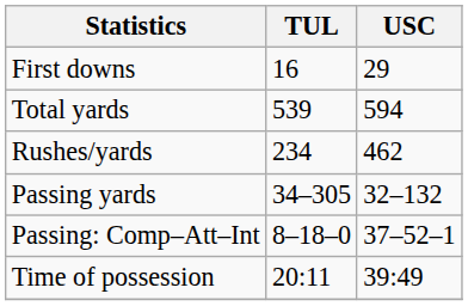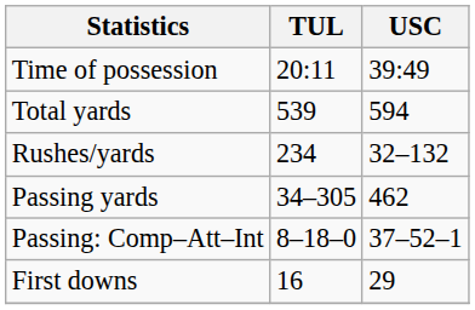 <table class="wikitable" style="float: left;">
 <tr>
 <th>Statistics</th>
 <th>TUL</th>
 <th>USC</th>
 </tr>
 <tr>
-<td>First downs</td>
-<td>16</td>
-<td>29</td>
+<td>Time of possession</td>
+<td>20:11</td>
+<td>39:49</td>
 </tr>
 <tr>
 <td>Total yards</td>
 <td>539</td>
 <td>594</td>
 </tr>
 <tr>
 <td>Rushes/yards</td>
 <td>234</td>
-<td>462</td>
+<td>32–132</td>
 </tr>
 <tr>
 <td>Passing yards</td>
 <td>34–305</td>
-<td>32–132</td>
+<td>462</td>
 </tr>
 <tr>
 <td>Passing: Comp–Att–Int</td>
 <td>8–18–0</td>
 <td>37–52–1</td>
 </tr>
 <tr>
-<td>Time of possession</td>
-<td>20:11</td>
-<td>39:49</td>
+<td>First downs</td>
+<td>16</td>
+<td>29</td>
 </tr>
 <tr>
 </tr>
 </table>
